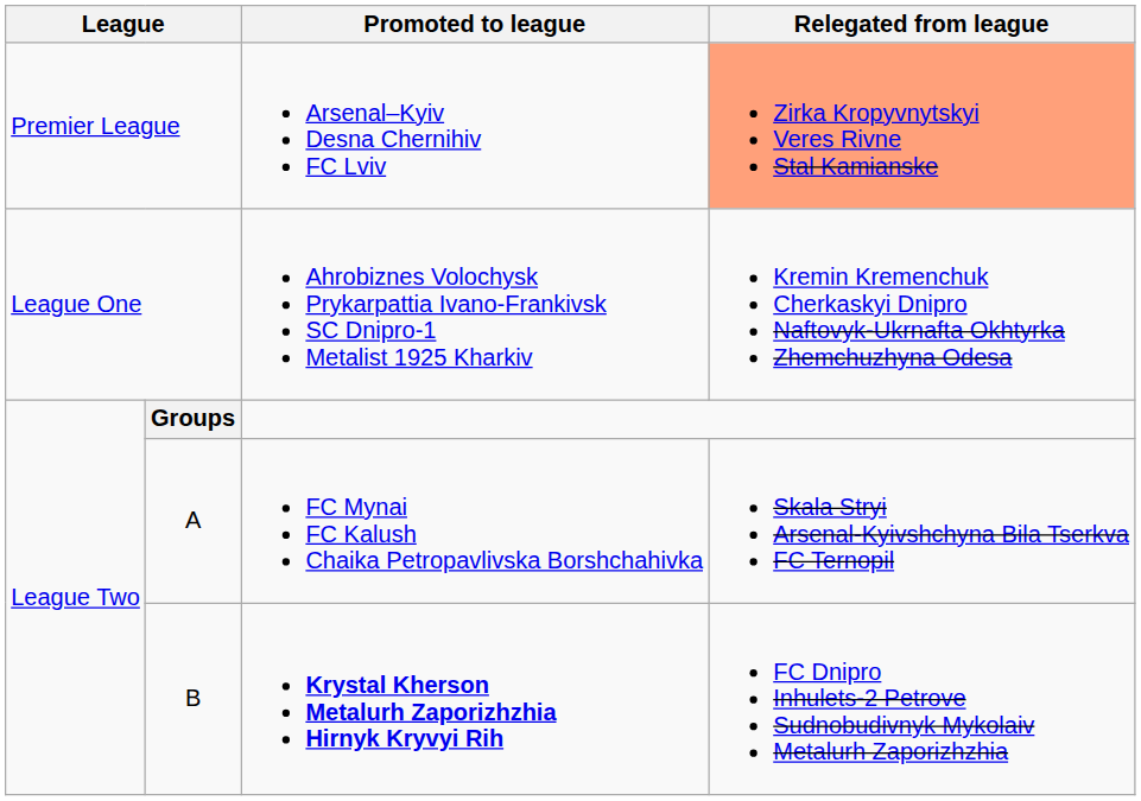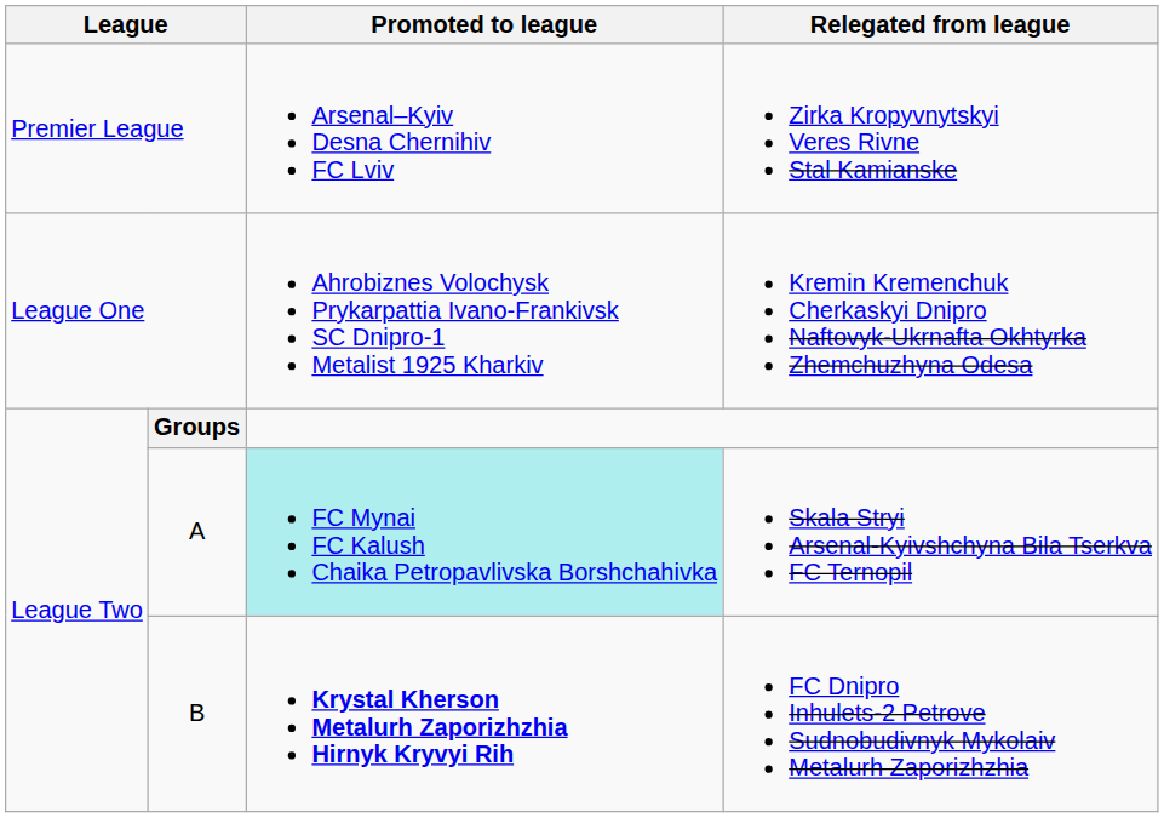 <table class="wikitable">
 <tr>
 <th colspan=2>League</th>
 <th>Promoted to league</th>
 <th>Relegated from league</th>
 </tr>
 <tr>
 <td colspan=2><a href='#'>Premier League</a></td>
 <td><br><ul><li><a href='#'>Arsenal–Kyiv</a></li><li><a href='#'>Desna Chernihiv</a></li><li><a href='#'>FC Lviv</a> </li></ul></td>
-<td style="background: lightsalmon;"><br><ul><li><a href='#'>Zirka Kropyvnytskyi</a></li><li><a href='#'>Veres Rivne</a> </li><li><del><a href='#'>Stal Kamianske</a></del></li></ul></td>
+<td><br><ul><li><a href='#'>Zirka Kropyvnytskyi</a></li><li><a href='#'>Veres Rivne</a> </li><li><del><a href='#'>Stal Kamianske</a></del></li></ul></td>
 </tr>
 <tr>
 <td colspan=2><a href='#'>League One</a></td>
 <td><br><ul><li><a href='#'>Ahrobiznes Volochysk</a></li><li><a href='#'>Prykarpattia Ivano-Frankivsk</a></li><li><a href='#'>SC Dnipro-1</a></li><li><a href='#'>Metalist 1925 Kharkiv</a></li></ul></td>
 <td><br><ul><li><a href='#'>Kremin Kremenchuk</a></li><li><a href='#'>Cherkaskyi Dnipro</a></li><li><del><a href='#'>Naftovyk-Ukrnafta Okhtyrka</a></del></li><li><del><a href='#'>Zhemchuzhyna Odesa</a></del></li></ul></td>
 </tr>
 <tr>
 <td rowspan=3><a href='#'>League Two</a></td>
 <th>Groups</th>
 <td colspan=2></td>
 </tr>
 <tr>
 <td align=center>A</td>
-<td><br><ul><li><a href='#'>FC Mynai</a></li><li><a href='#'>FC Kalush</a></li><li><a href='#'>Chaika Petropavlivska Borshchahivka</a></li></ul></td>
+<td style="background: paleturquoise;"><br><ul><li><a href='#'>FC Mynai</a></li><li><a href='#'>FC Kalush</a></li><li><a href='#'>Chaika Petropavlivska Borshchahivka</a></li></ul></td>
 <td><br><ul><li><del><a href='#'>Skala Stryi</a></del></li><li><del><a href='#'>Arsenal-Kyivshchyna Bila Tserkva</a></del></li><li><del><a href='#'>FC Ternopil</a></del></li></ul></td>
 </tr>
 <tr>
 <td align=center>B</td>
 <td><strong><br><ul><li><a href='#'>Krystal Kherson</a></li><li><a href='#'>Metalurh Zaporizhzhia</a></li><li><a href='#'>Hirnyk Kryvyi Rih</a></li></ul></strong></td>
 <td><br><ul><li><a href='#'>FC Dnipro</a></li><li><del><a href='#'>Inhulets-2 Petrove</a></del></li><li><del><a href='#'>Sudnobudivnyk Mykolaiv</a></del></li><li><del><a href='#'>Metalurh Zaporizhzhia</a></del></li></ul></td>
 </tr>
 </table>
